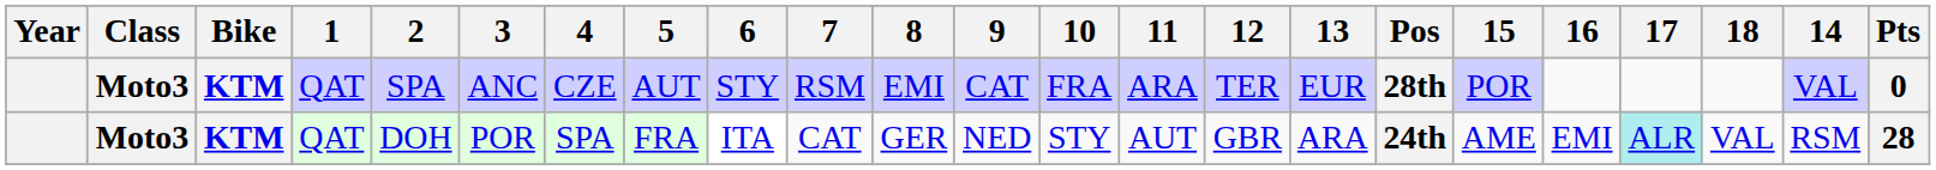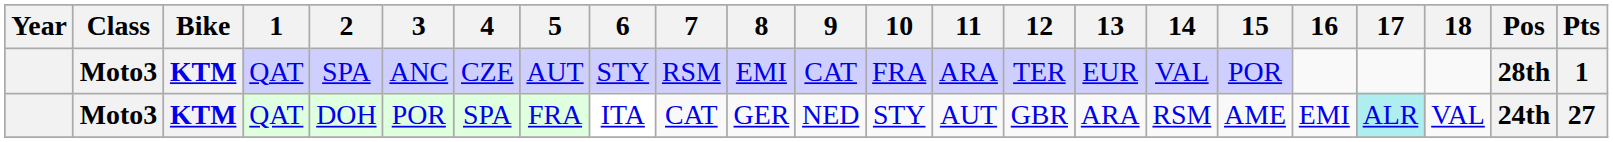 <table class="wikitable" style="text-align:center">
 <tr>
 <th>Year</th>
 <th>Class</th>
 <th>Bike</th>
 <th>1</th>
 <th>2</th>
 <th>3</th>
 <th>4</th>
 <th>5</th>
 <th>6</th>
 <th>7</th>
 <th>8</th>
 <th>9</th>
 <th>10</th>
 <th>11</th>
 <th>12</th>
 <th>13</th>
-<th>Pos</th>
+<th>14</th>
 <th>15</th>
 <th>16</th>
 <th>17</th>
 <th>18</th>
-<th>14</th>
+<th>Pos</th>
 <th>Pts</th>
 </tr>
 <tr>
 <th></th>
 <th>Moto3</th>
 <th><a href='#'>KTM</a></th>
 <td style="background:#cfcfff;"><a href='#'>QAT</a><br></td>
 <td style="background:#cfcfff;"><a href='#'>SPA</a><br></td>
 <td style="background:#cfcfff;"><a href='#'>ANC</a><br></td>
 <td style="background:#cfcfff;"><a href='#'>CZE</a><br></td>
 <td style="background:#cfcfff;"><a href='#'>AUT</a><br></td>
 <td style="background:#cfcfff;"><a href='#'>STY</a><br></td>
 <td style="background:#cfcfff;"><a href='#'>RSM</a><br></td>
 <td style="background:#cfcfff;"><a href='#'>EMI</a><br></td>
 <td style="background:#cfcfff;"><a href='#'>CAT</a><br></td>
 <td style="background:#cfcfff;"><a href='#'>FRA</a><br></td>
 <td style="background:#cfcfff;"><a href='#'>ARA</a><br></td>
 <td style="background:#cfcfff;"><a href='#'>TER</a><br></td>
 <td style="background:#cfcfff;"><a href='#'>EUR</a><br></td>
-<th>28th</th>
+<td style="background:#cfcfff;"><a href='#'>VAL</a><br></td>
 <td style="background:#cfcfff;"><a href='#'>POR</a><br></td>
 <td></td>
 <td></td>
 <td></td>
-<td style="background:#cfcfff;"><a href='#'>VAL</a><br></td>
-<th>0</th>
+<th>28th</th>
+<th>1</th>
 </tr>
 <tr>
 <th></th>
 <th>Moto3</th>
 <th><a href='#'>KTM</a></th>
 <td style="background:#dfffdf;"><a href='#'>QAT</a><br></td>
 <td style="background:#dfffdf;"><a href='#'>DOH</a><br></td>
 <td style="background:#dfffdf;"><a href='#'>POR</a><br></td>
 <td style="background:#dfffdf;"><a href='#'>SPA</a><br></td>
 <td style="background:#dfffdf;"><a href='#'>FRA</a><br></td>
 <td style="background:#ffffff;"><a href='#'>ITA</a><br></td>
 <td><a href='#'>CAT</a></td>
 <td><a href='#'>GER</a></td>
 <td><a href='#'>NED</a></td>
 <td><a href='#'>STY</a></td>
 <td><a href='#'>AUT</a></td>
 <td><a href='#'>GBR</a></td>
 <td><a href='#'>ARA</a></td>
-<th>24th</th>
+<td><a href='#'>RSM</a></td>
 <td><a href='#'>AME</a></td>
 <td><a href='#'>EMI</a></td>
 <td style="background: paleturquoise;"><a href='#'>ALR</a></td>
 <td><a href='#'>VAL</a></td>
-<td><a href='#'>RSM</a></td>
-<th>28</th>
+<th>24th</th>
+<th>27</th>
 </tr>
 </table>
